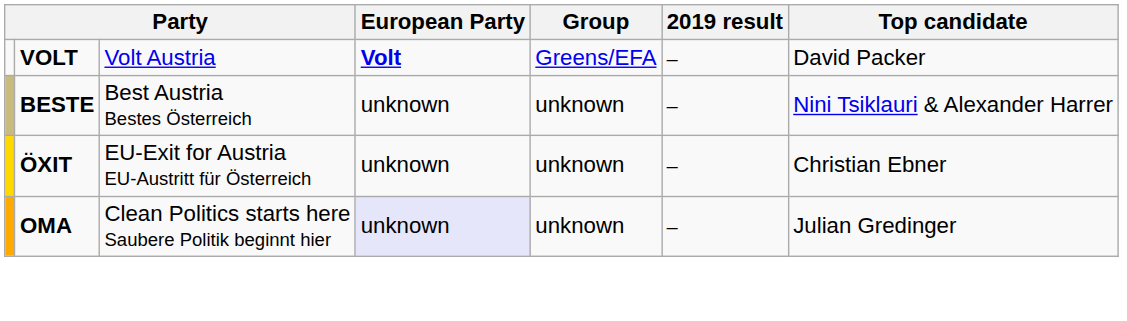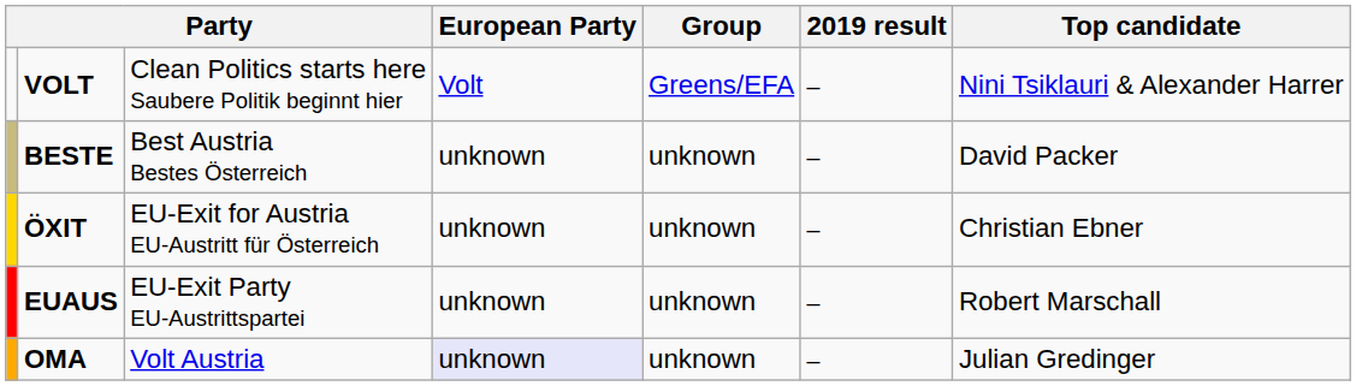 <table class="wikitable">
 <tr>
 <th colspan="3">Party</th>
 <th>European Party</th>
 <th>Group</th>
 <th>2019 result</th>
 <th>Top candidate</th>
 </tr>
 <tr>
 <td style="background:"></td>
 <td><strong>VOLT</strong></td>
-<td><a href='#'>Volt Austria</a></td>
-<td><strong><a href='#'>Volt</a></strong></td>
+<td>Clean Politics starts here<br><small>Saubere Politik beginnt hier</small></td>
+<td><a href='#'>Volt</a></td>
 <td><a href='#'>Greens/EFA</a></td>
 <td><code>—</code></td>
-<td>David Packer</td>
+<td><a href='#'>Nini Tsiklauri</a> & Alexander Harrer</td>
 </tr>
 <tr>
 <td style="background:#c8bb7e;"></td>
 <td><strong>BESTE</strong></td>
 <td>Best Austria<br><small>Bestes Österreich</small></td>
 <td>unknown</td>
 <td>unknown</td>
 <td><code>—</code></td>
-<td><a href='#'>Nini Tsiklauri</a> & Alexander Harrer</td>
+<td>David Packer</td>
 </tr>
 <tr>
 <td style="background:#FFD800;"></td>
 <td><strong>ÖXIT</strong></td>
 <td>EU-Exit for Austria<br><small>EU-Austritt für Österreich</small></td>
 <td>unknown</td>
 <td>unknown</td>
 <td><code>—</code></td>
 <td>Christian Ebner</td>
 </tr>
 <tr>
+<td style="background:#FE0000;"></td>
+<td><strong>EUAUS</strong></td>
+<td>EU-Exit Party<br><small>EU-Austrittspartei</small></td>
+<td>unknown</td>
+<td>unknown</td>
+<td><code>—</code></td>
+<td>Robert Marschall</td>
+</tr>
+<tr>
 <td style="background:#ffaa00;"></td>
 <td><strong>OMA</strong></td>
-<td>Clean Politics starts here<br><small>Saubere Politik beginnt hier</small></td>
+<td><a href='#'>Volt Austria</a></td>
 <td style="background: lavender;">unknown</td>
 <td>unknown</td>
 <td><code>—</code></td>
 <td>Julian Gredinger</td>
 </tr>
 </table>
